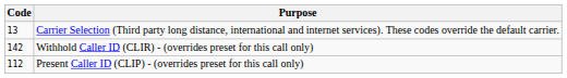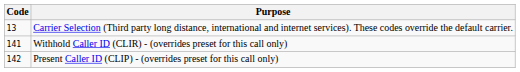 <table class="wikitable">
 <tr>
 <th>Code</th>
 <th>Purpose</th>
 </tr>
 <tr>
 <td><code>13</code></td>
 <td><a href='#'>Carrier Selection</a> (Third party long distance, international and internet services). These codes override the default carrier.</td>
 </tr>
 <tr>
-<td><code>142</code></td>
+<td><code>141</code></td>
 <td>Withhold <a href='#'>Caller ID</a> (CLIR) - (overrides preset for this call only)</td>
 </tr>
 <tr>
-<td><code>112</code></td>
+<td><code>142</code></td>
 <td>Present <a href='#'>Caller ID</a> (CLIP) - (overrides preset for this call only)</td>
 </tr>
 </table>
